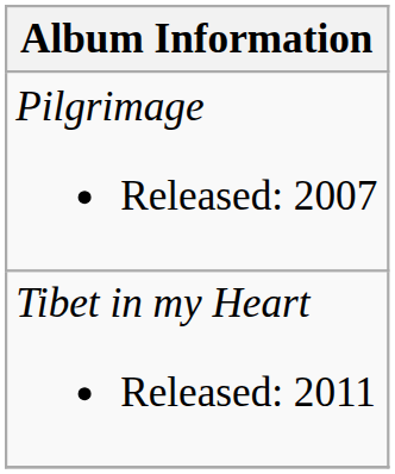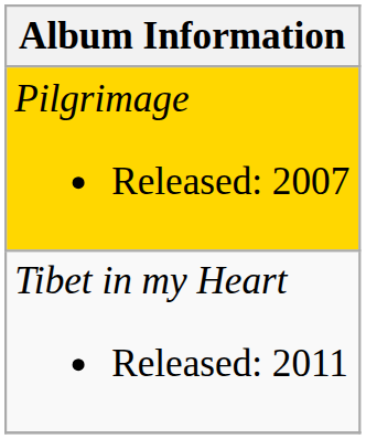 <table class="wikitable">
 <tr>
 <th>Album Information</th>
 </tr>
 <tr>
-<td><em>Pilgrimage</em><br><ul><li>Released: 2007</li></ul></td>
+<td style="background: gold;"><em>Pilgrimage</em><br><ul><li>Released: 2007</li></ul></td>
 </tr>
 <tr>
 <td><em>Tibet in my Heart</em><br><ul><li>Released: 2011</li></ul></td>
 </tr>
 <tr>
 </tr>
 </table>
